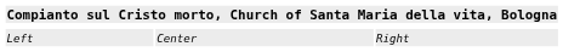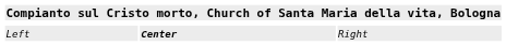 <table align=center>
 <tr>
 <th colspan="3" style="background:#ECECEC; "><strong>Compianto sul Cristo morto, Church of Santa Maria della vita, Bologna</strong></th>
 </tr>
 <tr>
 <td></td>
 <td></td>
 <td></td>
 </tr>
 <tr>
 <td style="background:#ECECEC; "><small><em>Left</em><br></small></td>
-<td style="background:#ECECEC;"><small><em>Center</em><br></small></td>
+<td style="background:#ECECEC;"><strong><small><em>Center</em><br></small></strong></td>
 <td style="background:#ECECEC;"><small><em>Right</em><br></small></td>
 </tr>
 </table>
